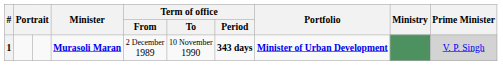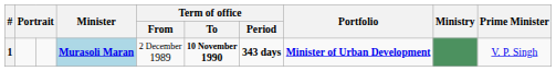 <table class="wikitable" style="text-align:center">
 <tr>
 <th rowspan="2" style="background-color:">#</th>
 <th rowspan="2" colspan="2" style="background-color:">Portrait</th>
 <th rowspan="2" style="background-color:">Minister<br></th>
 <th colspan="3" style="background-color:">Term of office</th>
 <th rowspan="2" style="background-color:">Portfolio</th>
 <th rowspan="2" style="background-color:">Ministry</th>
 <th rowspan="2" style="background-color:">Prime Minister</th>
 </tr>
 <tr>
 <th style="background-color:">From</th>
 <th style="background-color:">To</th>
 <th style="background-color:">Period</th>
 </tr>
 <tr>
 <th>1</th>
 <td></td>
 <td></td>
-<td><strong><a href='#'>Murasoli Maran</a></strong><br></td>
+<td style="background: lightblue;"><strong><a href='#'>Murasoli Maran</a></strong><br></td>
 <td><small>2 December</small><br>1989</td>
-<td><small>10 November</small><br>1990</td>
+<td><strong><small>10 November</small><br>1990</strong></td>
 <td><strong>343 days</strong></td>
 <td><strong><a href='#'>Minister of Urban Development</a></strong></td>
 <td style="background:#4C915F"><strong><a href='#'></a></strong></td>
-<td style="background: lightgrey;"><a href='#'>V. P. Singh</a></td>
+<td><a href='#'>V. P. Singh</a></td>
 </tr>
 </table>
